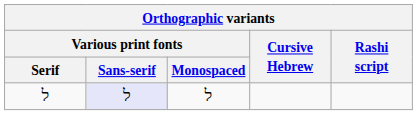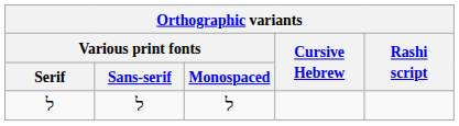 <table class=wikitable style="text-align:center;">
 <tr>
 <th colspan=5><small><a href='#'>Orthographic</a> variants</small></th>
 </tr>
 <tr>
 <th colspan=3><small>Various print fonts</small></th>
 <th rowspan=2><small><a href='#'>Cursive<br>Hebrew</a></small></th>
 <th rowspan=2><small><a href='#'>Rashi<br>script</a></small></th>
 </tr>
 <tr>
 <th><small>Serif</small></th>
 <th><small><a href='#'>Sans-serif</a></small></th>
 <th><small><a href='#'>Monospaced</a></small></th>
 </tr>
 <tr>
 <td width=20%><span>ל</span></td>
-<td width=20% style="background: lavender;"><span>ל</span></td>
+<td width=20%><span>ל</span></td>
 <td width=20%><span>ל</span></td>
 <td width=20%></td>
 <td width=20%></td>
 </tr>
 </table>
